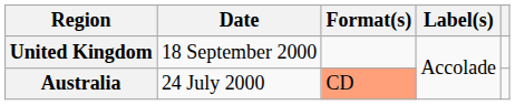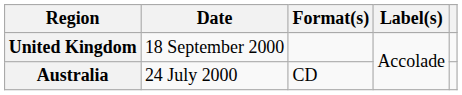 <table class="wikitable plainrowheaders">
 <tr>
 <th scope="col">Region</th>
 <th scope="col">Date</th>
 <th scope="col">Format(s)</th>
 <th scope="col">Label(s)</th>
 <th scope="col"></th>
 </tr>
 <tr>
 <th scope="row">United Kingdom</th>
 <td>18 September 2000</td>
 <td></td>
 <td rowspan="2">Accolade</td>
 <td></td>
 </tr>
 <tr>
 <th scope="row">Australia</th>
 <td>24 July 2000</td>
-<td style="background: lightsalmon;">CD</td>
+<td>CD</td>
 <td></td>
 </tr>
 </table>
